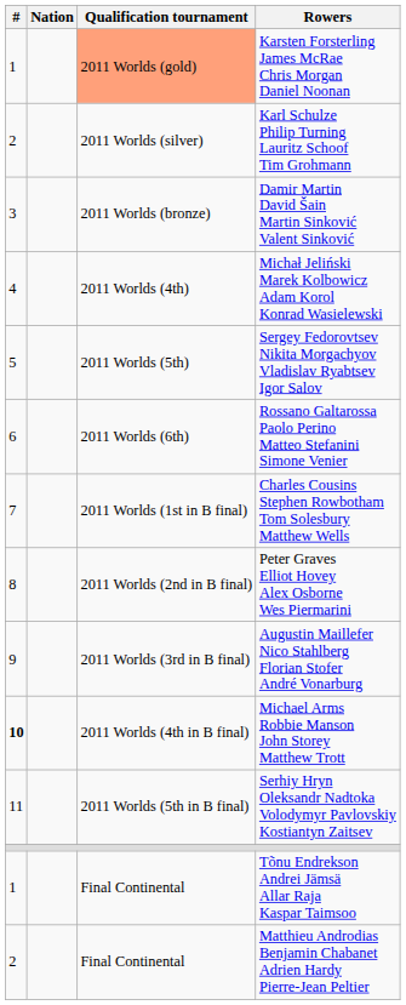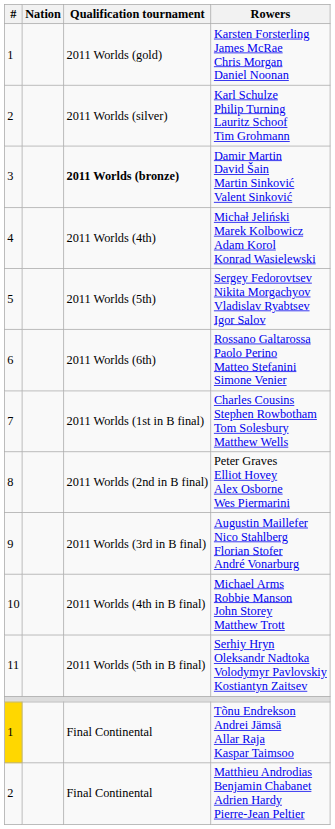 <table class="wikitable">
 <tr>
 <th>#</th>
 <th>Nation</th>
 <th>Qualification tournament</th>
 <th>Rowers</th>
 </tr>
 <tr>
 <td>1</td>
 <td></td>
-<td style="background: lightsalmon;">2011 Worlds (gold)</td>
+<td>2011 Worlds (gold)</td>
 <td><a href='#'>Karsten Forsterling</a><br><a href='#'>James McRae</a><br><a href='#'>Chris Morgan</a><br><a href='#'>Daniel Noonan</a></td>
 </tr>
 <tr>
 <td>2</td>
 <td></td>
 <td>2011 Worlds (silver)</td>
 <td><a href='#'>Karl Schulze</a><br><a href='#'>Philip Turning</a><br><a href='#'>Lauritz Schoof</a><br><a href='#'>Tim Grohmann</a></td>
 </tr>
 <tr>
 <td>3</td>
 <td></td>
-<td>2011 Worlds (bronze)</td>
+<td><strong>2011 Worlds (bronze)</strong></td>
 <td><a href='#'>Damir Martin</a><br><a href='#'>David Šain</a><br><a href='#'>Martin Sinković</a><br><a href='#'>Valent Sinković</a></td>
 </tr>
 <tr>
 <td>4</td>
 <td></td>
 <td>2011 Worlds (4th)</td>
 <td><a href='#'>Michał Jeliński</a><br><a href='#'>Marek Kolbowicz</a><br><a href='#'>Adam Korol</a><br><a href='#'>Konrad Wasielewski</a></td>
 </tr>
 <tr>
 <td>5</td>
 <td></td>
 <td>2011 Worlds (5th)</td>
 <td><a href='#'>Sergey Fedorovtsev</a><br><a href='#'>Nikita Morgachyov</a><br><a href='#'>Vladislav Ryabtsev</a><br><a href='#'>Igor Salov</a></td>
 </tr>
 <tr>
 <td>6</td>
 <td></td>
 <td>2011 Worlds (6th)</td>
 <td><a href='#'>Rossano Galtarossa</a><br><a href='#'>Paolo Perino</a><br><a href='#'>Matteo Stefanini</a><br><a href='#'>Simone Venier</a></td>
 </tr>
 <tr>
 <td>7</td>
 <td></td>
 <td>2011 Worlds (1st in B final)</td>
 <td><a href='#'>Charles Cousins</a><br><a href='#'>Stephen Rowbotham</a><br><a href='#'>Tom Solesbury</a><br><a href='#'>Matthew Wells</a></td>
 </tr>
 <tr>
 <td>8</td>
 <td></td>
 <td>2011 Worlds (2nd in B final)</td>
 <td>Peter Graves<br><a href='#'>Elliot Hovey</a><br><a href='#'>Alex Osborne</a><br><a href='#'>Wes Piermarini</a></td>
 </tr>
 <tr>
 <td>9</td>
 <td></td>
 <td>2011 Worlds (3rd in B final)</td>
 <td><a href='#'>Augustin Maillefer</a><br><a href='#'>Nico Stahlberg</a><br><a href='#'>Florian Stofer</a><br><a href='#'>André Vonarburg</a></td>
 </tr>
 <tr>
-<td><strong>10</strong></td>
+<td>10</td>
 <td></td>
 <td>2011 Worlds (4th in B final)</td>
 <td><a href='#'>Michael Arms</a><br><a href='#'>Robbie Manson</a><br><a href='#'>John Storey</a><br><a href='#'>Matthew Trott</a></td>
 </tr>
 <tr>
 <td>11</td>
 <td></td>
 <td>2011 Worlds (5th in B final)</td>
 <td><a href='#'>Serhiy Hryn</a><br><a href='#'>Oleksandr Nadtoka</a><br><a href='#'>Volodymyr Pavlovskiy</a><br><a href='#'>Kostiantyn Zaitsev</a></td>
 </tr>
 <tr bgcolor=#DDDDDD>
 <td colspan=4></td>
 </tr>
 <tr>
-<td>1</td>
+<td style="background: gold;">1</td>
 <td></td>
 <td>Final Continental</td>
 <td><a href='#'>Tõnu Endrekson</a><br><a href='#'>Andrei Jämsä</a><br><a href='#'>Allar Raja</a><br><a href='#'>Kaspar Taimsoo</a></td>
 </tr>
 <tr>
 <td>2</td>
 <td></td>
 <td>Final Continental</td>
 <td><a href='#'>Matthieu Androdias</a><br><a href='#'>Benjamin Chabanet</a><br><a href='#'>Adrien Hardy</a><br><a href='#'>Pierre-Jean Peltier</a></td>
 </tr>
 </table>
